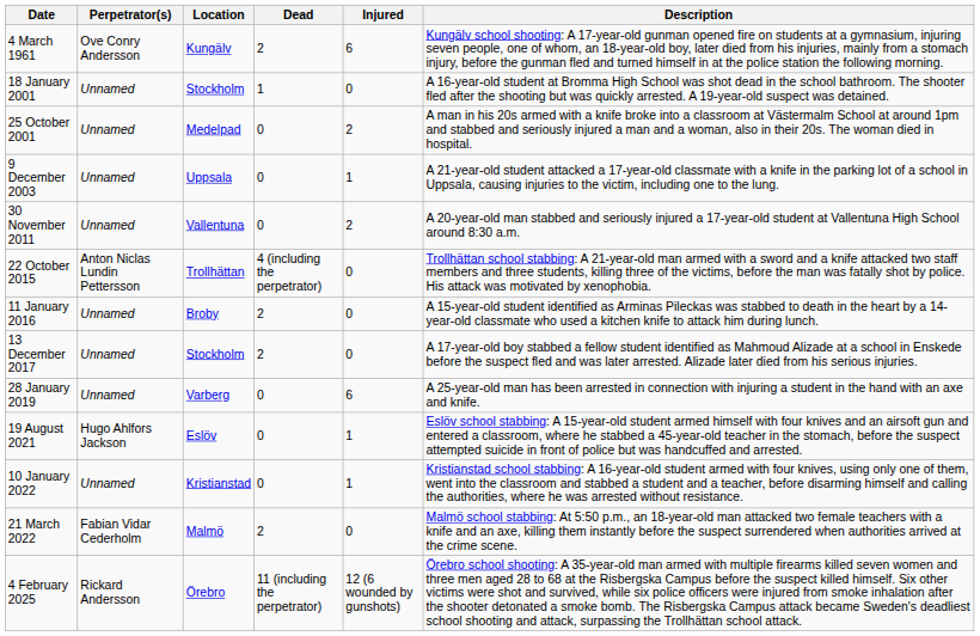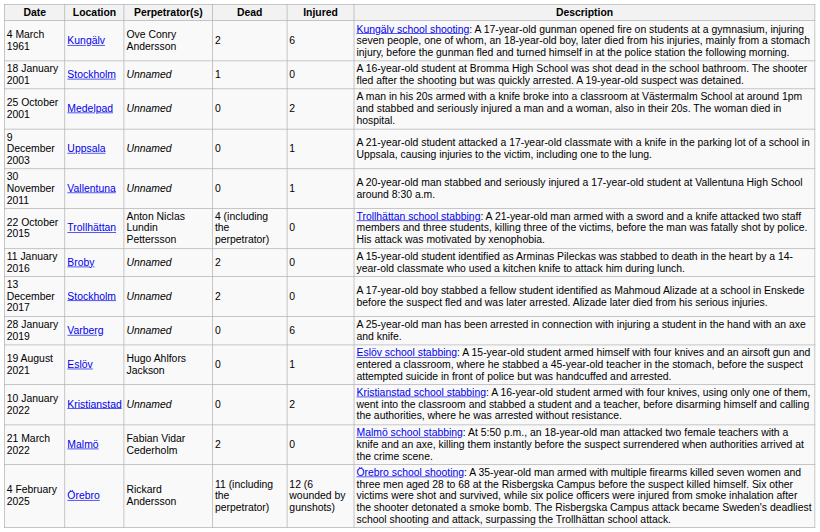 <table class="wikitable sortable">
 <tr>
 <th>Date</th>
+<th>Location</th>
 <th style="with:100px">Perpetrator(s)</th>
-<th>Location</th>
 <th>Dead</th>
 <th>Injured</th>
 <th>Description</th>
 </tr>
 <tr>
 <td>4 March 1961</td>
+<td><a href='#'>Kungälv</a></td>
 <td>Ove Conry Andersson</td>
-<td><a href='#'>Kungälv</a></td>
 <td>2</td>
 <td>6</td>
 <td><a href='#'>Kungälv school shooting</a>: A 17-year-old gunman opened fire on students at a gymnasium, injuring seven people, one of whom, an 18-year-old boy, later died from his injuries, mainly from a stomach injury, before the gunman fled and turned himself in at the police station the following morning.</td>
 </tr>
 <tr>
 <td>18 January 2001</td>
+<td><a href='#'>Stockholm</a></td>
 <td><em>Unnamed</em></td>
-<td><a href='#'>Stockholm</a></td>
 <td>1</td>
 <td>0</td>
 <td>A 16-year-old student at Bromma High School was shot dead in the school bathroom. The shooter fled after the shooting but was quickly arrested. A 19-year-old suspect was detained.</td>
 </tr>
 <tr>
 <td>25 October 2001</td>
+<td><a href='#'>Medelpad</a></td>
 <td><em>Unnamed</em></td>
-<td><a href='#'>Medelpad</a></td>
 <td>0</td>
 <td>2</td>
 <td>A man in his 20s armed with a knife broke into a classroom at Västermalm School at around 1pm and stabbed and seriously injured a man and a woman, also in their 20s. The woman died in hospital.</td>
 </tr>
 <tr>
 <td>9 December 2003</td>
+<td><a href='#'>Uppsala</a></td>
 <td><em>Unnamed</em></td>
-<td><a href='#'>Uppsala</a></td>
 <td>0</td>
 <td>1</td>
 <td>A 21-year-old student attacked a 17-year-old classmate with a knife in the parking lot of a school in Uppsala, causing injuries to the victim, including one to the lung.</td>
 </tr>
 <tr>
 <td>30 November 2011</td>
+<td><a href='#'>Vallentuna</a></td>
 <td><em>Unnamed</em></td>
-<td><a href='#'>Vallentuna</a></td>
 <td>0</td>
-<td>2</td>
+<td>1</td>
 <td>A 20-year-old man stabbed and seriously injured a 17-year-old student at Vallentuna High School around 8:30 a.m.</td>
 </tr>
 <tr>
 <td>22 October 2015</td>
+<td><a href='#'>Trollhättan</a></td>
 <td>Anton Niclas Lundin Pettersson</td>
-<td><a href='#'>Trollhättan</a></td>
 <td>4 (including the perpetrator)</td>
 <td>0</td>
 <td><a href='#'>Trollhättan school stabbing</a>: A 21-year-old man armed with a sword and a knife attacked two staff members and three students, killing three of the victims, before the man was fatally shot by police. His attack was motivated by xenophobia.</td>
 </tr>
 <tr>
 <td>11 January 2016</td>
+<td><a href='#'>Broby</a></td>
 <td><em>Unnamed</em></td>
-<td><a href='#'>Broby</a></td>
 <td>2</td>
 <td>0</td>
 <td>A 15-year-old student identified as Arminas Pileckas was stabbed to death in the heart by a 14-year-old classmate who used a kitchen knife to attack him during lunch.</td>
 </tr>
 <tr>
 <td>13 December 2017</td>
+<td><a href='#'>Stockholm</a></td>
 <td><em>Unnamed</em></td>
-<td><a href='#'>Stockholm</a></td>
 <td>2</td>
 <td>0</td>
 <td>A 17-year-old boy stabbed a fellow student identified as Mahmoud Alizade at a school in Enskede before the suspect fled and was later arrested. Alizade later died from his serious injuries.</td>
 </tr>
 <tr>
 <td>28 January 2019</td>
+<td><a href='#'>Varberg</a></td>
 <td><em>Unnamed</em></td>
-<td><a href='#'>Varberg</a></td>
 <td>0</td>
 <td>6</td>
 <td>A 25-year-old man has been arrested in connection with injuring a student in the hand with an axe and knife.</td>
 </tr>
 <tr>
 <td>19 August 2021</td>
+<td><a href='#'>Eslöv</a></td>
 <td>Hugo Ahlfors Jackson</td>
-<td><a href='#'>Eslöv</a></td>
 <td>0</td>
 <td>1</td>
 <td><a href='#'>Eslöv school stabbing</a>: A 15-year-old student armed himself with four knives and an airsoft gun and entered a classroom, where he stabbed a 45-year-old teacher in the stomach, before the suspect attempted suicide in front of police but was handcuffed and arrested.</td>
 </tr>
 <tr>
 <td>10 January 2022</td>
+<td><a href='#'>Kristianstad</a></td>
 <td><em>Unnamed</em></td>
-<td><a href='#'>Kristianstad</a></td>
 <td>0</td>
-<td>1</td>
+<td>2</td>
 <td><a href='#'>Kristianstad school stabbing</a>: A 16-year-old student armed with four knives, using only one of them, went into the classroom and stabbed a student and a teacher, before disarming himself and calling the authorities, where he was arrested without resistance.</td>
 </tr>
 <tr>
 <td>21 March 2022</td>
+<td><a href='#'>Malmö</a></td>
 <td>Fabian Vidar Cederholm</td>
-<td><a href='#'>Malmö</a></td>
 <td>2</td>
 <td>0</td>
 <td><a href='#'>Malmö school stabbing</a>: At 5:50 p.m., an 18-year-old man attacked two female teachers with a knife and an axe, killing them instantly before the suspect surrendered when authorities arrived at the crime scene.</td>
 </tr>
 <tr>
 <td>4 February 2025</td>
+<td><a href='#'>Örebro</a></td>
 <td>Rickard Andersson</td>
-<td><a href='#'>Örebro</a></td>
 <td>11 (including the perpetrator)</td>
 <td>12 (6 wounded by gunshots)</td>
 <td><a href='#'>Örebro school shooting</a>: A 35-year-old man armed with multiple firearms killed seven women and three men aged 28 to 68 at the Risbergska Campus before the suspect killed himself. Six other victims were shot and survived, while six police officers were injured from smoke inhalation after the shooter detonated a smoke bomb. The Risbergska Campus attack became Sweden's deadliest school shooting and attack, surpassing the Trollhättan school attack.</td>
 </tr>
 </table>
